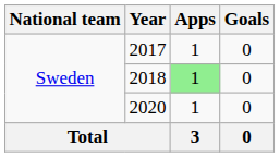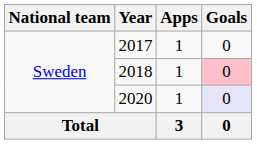 <table class="wikitable" style="text-align:center;">
 <tr>
 <th>National team</th>
 <th>Year</th>
 <th>Apps</th>
 <th>Goals</th>
 </tr>
 <tr>
 <td rowspan="3"><a href='#'>Sweden</a></td>
 <td>2017</td>
 <td>1</td>
 <td>0</td>
 </tr>
 <tr>
 <td>2018</td>
-<td style="background: lightgreen;">1</td>
-<td>0</td>
+<td>1</td>
+<td style="background: pink;">0</td>
 </tr>
 <tr>
 <td>2020</td>
 <td>1</td>
-<td>0</td>
+<td style="background: lavender;">0</td>
 </tr>
 <tr>
 <th colspan="2">Total</th>
 <th>3</th>
 <th>0</th>
 </tr>
 </table>
